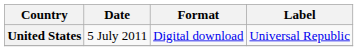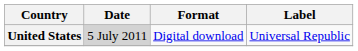 <table class="wikitable plainrowheaders">
 <tr>
 <th scope="col">Country</th>
 <th scope="col">Date</th>
 <th scope="col">Format</th>
 <th scope="col">Label</th>
 </tr>
 <tr>
 <th scope="row">United States</th>
-<td>5 July 2011</td>
+<td style="background: lightgrey;">5 July 2011</td>
 <td><a href='#'>Digital download</a></td>
 <td><a href='#'>Universal Republic</a></td>
 </tr>
 <tr>
 </tr>
 </table>
